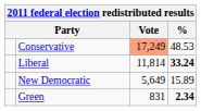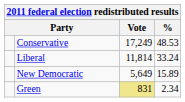 <table class="wikitable">
 <tr>
 <th colspan="4"><a href='#'>2011 federal election</a> redistributed results</th>
 </tr>
 <tr>
 <th bgcolor="#DDDDFF" width="130px" colspan="2">Party</th>
 <th bgcolor="#DDDDFF" width="50px">Vote</th>
 <th bgcolor="#DDDDFF" width="30px">%</th>
 </tr>
 <tr>
 <td> </td>
 <td><a href='#'>Conservative</a></td>
-<td align=right style="background: lightsalmon;">17,249</td>
+<td align=right>17,249</td>
 <td align=right>48.53</td>
 </tr>
 <tr>
 <td> </td>
 <td><a href='#'>Liberal</a></td>
 <td align=right>11,814</td>
-<td align=right><strong>33.24</strong></td>
+<td align=right>33.24</td>
 </tr>
 <tr>
 <td> </td>
 <td><a href='#'>New Democratic</a></td>
 <td align=right>5,649</td>
 <td align=right>15.89</td>
 </tr>
 <tr>
 <td> </td>
 <td><a href='#'>Green</a></td>
-<td align=right>831</td>
-<td align=right><strong>2.34</strong></td>
+<td align=right style="background: khaki;">831</td>
+<td align=right>2.34</td>
 </tr>
 </table>
